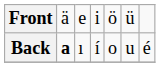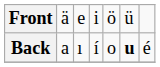 <table class="wikitable">
 <tr>
 <th>Front</th>
 <td>ä</td>
 <td>e</td>
 <td>i</td>
 <td>ö</td>
 <td>ü</td>
 </tr>
 <tr>
 <th>Back</th>
-<td><strong>a</strong></td>
+<td>a</td>
 <td>ı</td>
 <td>í</td>
 <td>o</td>
-<td>u</td>
+<td><strong>u</strong></td>
 <td>é</td>
 </tr>
 <tr>
 </tr>
 </table>
